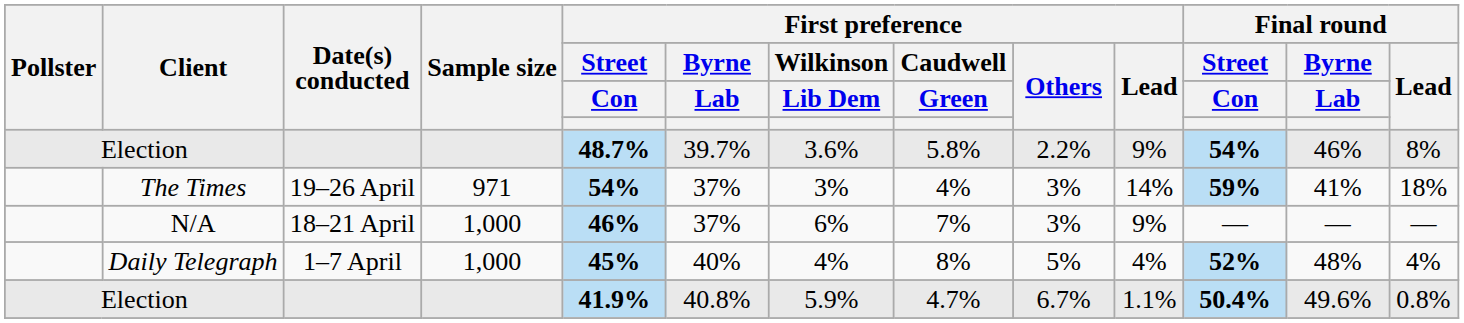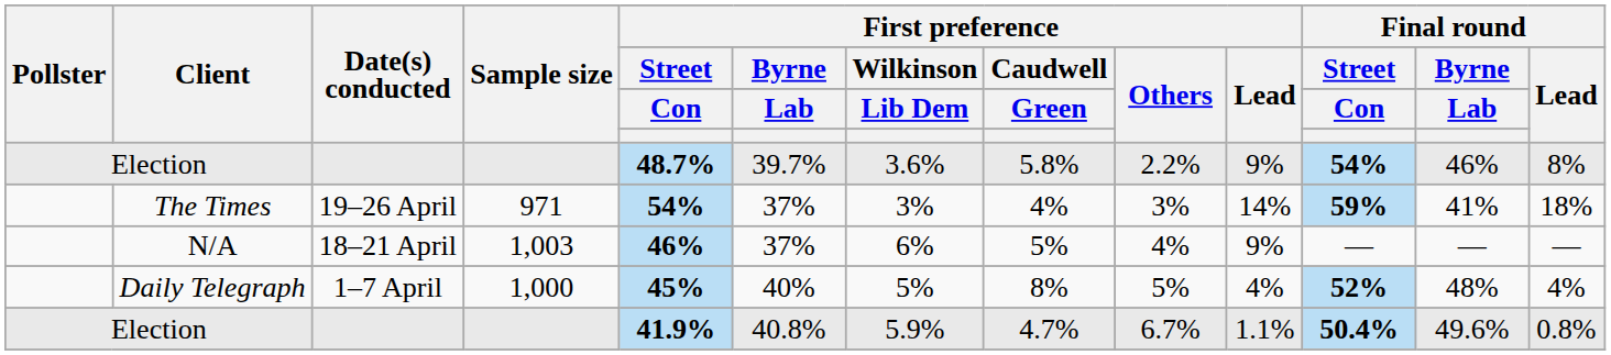 <table class="wikitable sortable mw-datatable" style="text-align:center;font-size:90%;line-height:14px;">
 <tr>
 <th rowspan="4">Pollster</th>
 <th rowspan="4">Client</th>
 <th rowspan="4">Date(s)<br>conducted</th>
 <th rowspan="4">Sample size</th>
 <th colspan="6">First preference</th>
 <th colspan="3">Final round</th>
 </tr>
 <tr>
 <th style="width:50px;"><a href='#'>Street</a></th>
 <th style="width:50px;"><a href='#'>Byrne</a></th>
 <th style="width:50px;">Wilkinson</th>
 <th style="width:50px;">Caudwell</th>
 <th rowspan="3" style="width:50px;"><a href='#'>Others</a></th>
 <th rowspan="3" data-sort-type="number">Lead</th>
 <th style="width:50px;"><a href='#'>Street</a></th>
 <th style="width:50px;"><a href='#'>Byrne</a></th>
 <th rowspan="3" data-sort-type="number">Lead</th>
 </tr>
 <tr>
 <th><a href='#'>Con</a></th>
 <th><a href='#'>Lab</a></th>
 <th><a href='#'>Lib Dem</a></th>
 <th><a href='#'>Green</a></th>
 <th><a href='#'>Con</a></th>
 <th><a href='#'>Lab</a></th>
 </tr>
 <tr>
 <th data-sort-type="number" style="background:"></th>
 <th data-sort-type="number" style="background:"></th>
 <th data-sort-type="number" style="background:"></th>
 <th data-sort-type="number" style="background:"></th>
 <th data-sort-type="number" style="background:"></th>
 <th data-sort-type="number" style="background:"></th>
 </tr>
 <tr style="background:#E9E9E9;">
 <td colspan="2">Election</td>
 <td></td>
 <td></td>
 <td style="background:#BADEF5;"><strong>48.7%</strong></td>
 <td>39.7%</td>
 <td>3.6%</td>
 <td>5.8%</td>
 <td>2.2%</td>
 <td style="background:">9%</td>
 <td style="background:#BADEF5;"><strong>54%</strong></td>
 <td>46%</td>
 <td style="background:">8%</td>
 </tr>
 <tr>
 <td></td>
 <td><em>The Times</em></td>
 <td>19–26 April</td>
 <td>971</td>
 <td style="background:#BADEF5;"><strong>54%</strong></td>
 <td>37%</td>
 <td>3%</td>
 <td>4%</td>
 <td>3%</td>
 <td style="background:">14%</td>
 <td style="background:#BADEF5;"><strong>59%</strong></td>
 <td>41%</td>
 <td style="background:">18%</td>
 </tr>
 <tr>
 <td></td>
 <td>N/A</td>
 <td>18–21 April</td>
-<td>1,000</td>
+<td>1,003</td>
 <td style="background:#BADEF5;"><strong>46%</strong></td>
 <td>37%</td>
 <td>6%</td>
-<td>7%</td>
-<td>3%</td>
+<td>5%</td>
+<td>4%</td>
 <td style="background:">9%</td>
 <td>—</td>
 <td>—</td>
 <td>—</td>
 </tr>
 <tr>
 <td></td>
 <td><em>Daily Telegraph</em></td>
 <td>1–7 April</td>
 <td>1,000</td>
 <td style="background:#BADEF5;"><strong>45%</strong></td>
 <td>40%</td>
-<td>4%</td>
+<td>5%</td>
 <td>8%</td>
 <td>5%</td>
 <td style="background:">4%</td>
 <td style="background:#BADEF5;"><strong>52%</strong></td>
 <td>48%</td>
 <td style="background:">4%</td>
 </tr>
 <tr style="background:#E9E9E9;">
 <td colspan="2">Election</td>
 <td></td>
 <td></td>
 <td style="background:#BADEF5;"><strong>41.9%</strong></td>
 <td>40.8%</td>
 <td>5.9%</td>
 <td>4.7%</td>
 <td>6.7%</td>
 <td style="background:">1.1%</td>
 <td style="background:#BADEF5;"><strong>50.4%</strong></td>
 <td>49.6%</td>
 <td style="background:">0.8%</td>
 </tr>
 </table>
